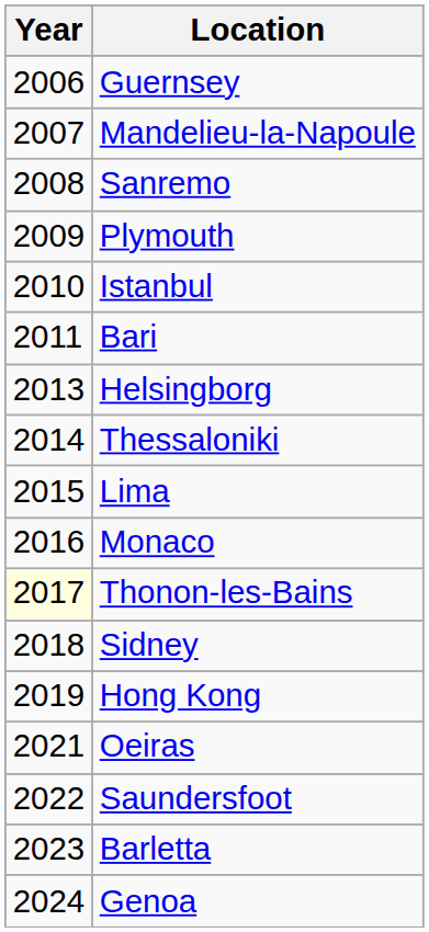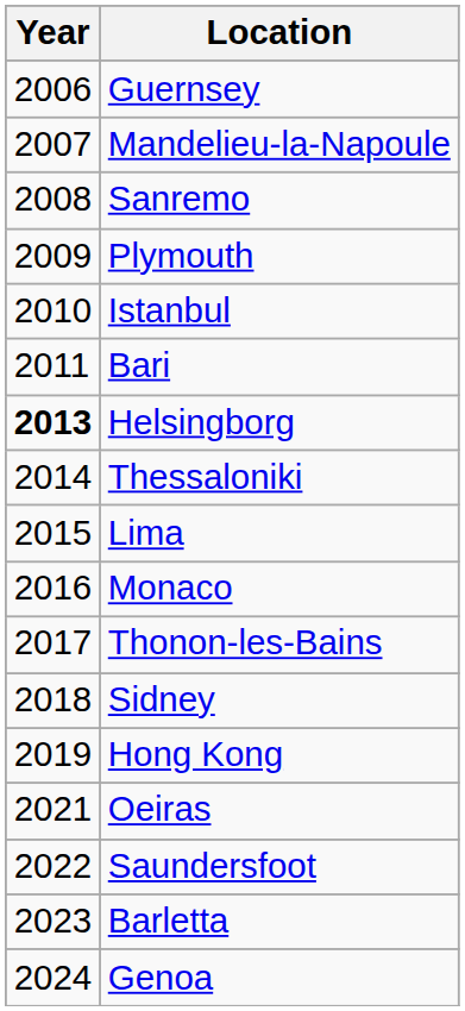 <table class="wikitable">
 <tr>
 <th scope="col">Year</th>
 <th scope="col">Location</th>
 </tr>
 <tr>
 <td>2006</td>
 <td> <a href='#'>Guernsey</a></td>
 </tr>
 <tr>
 <td>2007</td>
 <td> <a href='#'>Mandelieu-la-Napoule</a></td>
 </tr>
 <tr>
 <td>2008</td>
 <td> <a href='#'>Sanremo</a></td>
 </tr>
 <tr>
 <td>2009</td>
 <td> <a href='#'>Plymouth</a></td>
 </tr>
 <tr>
 <td>2010</td>
 <td> <a href='#'>Istanbul</a></td>
 </tr>
 <tr>
 <td>2011</td>
 <td> <a href='#'>Bari</a></td>
 </tr>
 <tr>
-<td>2013</td>
+<td><strong>2013</strong></td>
 <td> <a href='#'>Helsingborg</a></td>
 </tr>
 <tr>
 <td>2014</td>
 <td> <a href='#'>Thessaloniki</a></td>
 </tr>
 <tr>
 <td>2015</td>
 <td> <a href='#'>Lima</a></td>
 </tr>
 <tr>
 <td>2016</td>
 <td> <a href='#'>Monaco</a></td>
 </tr>
 <tr>
-<td style="background: lightyellow;">2017</td>
+<td>2017</td>
 <td> <a href='#'>Thonon-les-Bains</a></td>
 </tr>
 <tr>
 <td>2018</td>
 <td> <a href='#'>Sidney</a></td>
 </tr>
 <tr>
 <td>2019</td>
 <td> <a href='#'>Hong Kong</a></td>
 </tr>
 <tr>
 <td>2021</td>
 <td> <a href='#'>Oeiras</a></td>
 </tr>
 <tr>
 <td>2022</td>
 <td> <a href='#'>Saundersfoot</a></td>
 </tr>
 <tr>
 <td>2023</td>
 <td> <a href='#'>Barletta</a></td>
 </tr>
 <tr>
 <td>2024</td>
 <td> <a href='#'>Genoa</a></td>
 </tr>
 </table>
